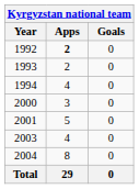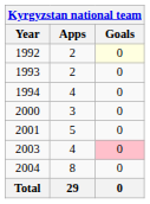 <table class="wikitable" style="text-align:center">
 <tr>
 <th colspan=3><a href='#'>Kyrgyzstan national team</a></th>
 </tr>
 <tr>
 <th>Year</th>
 <th>Apps</th>
 <th>Goals</th>
 </tr>
 <tr>
 <td>1992</td>
-<td><strong>2</strong></td>
-<td>0</td>
+<td>2</td>
+<td style="background: lightyellow;">0</td>
 </tr>
 <tr>
 <td>1993</td>
 <td>2</td>
 <td>0</td>
 </tr>
 <tr>
 <td>1994</td>
 <td>4</td>
 <td>0</td>
 </tr>
 <tr>
 <td>2000</td>
 <td>3</td>
 <td>0</td>
 </tr>
 <tr>
 <td>2001</td>
 <td>5</td>
 <td>0</td>
 </tr>
 <tr>
 <td>2003</td>
 <td>4</td>
-<td>0</td>
+<td style="background: pink;">0</td>
 </tr>
 <tr>
 <td>2004</td>
 <td>8</td>
 <td>0</td>
 </tr>
 <tr>
 <th>Total</th>
 <th>29</th>
 <th>0</th>
 </tr>
 </table>
